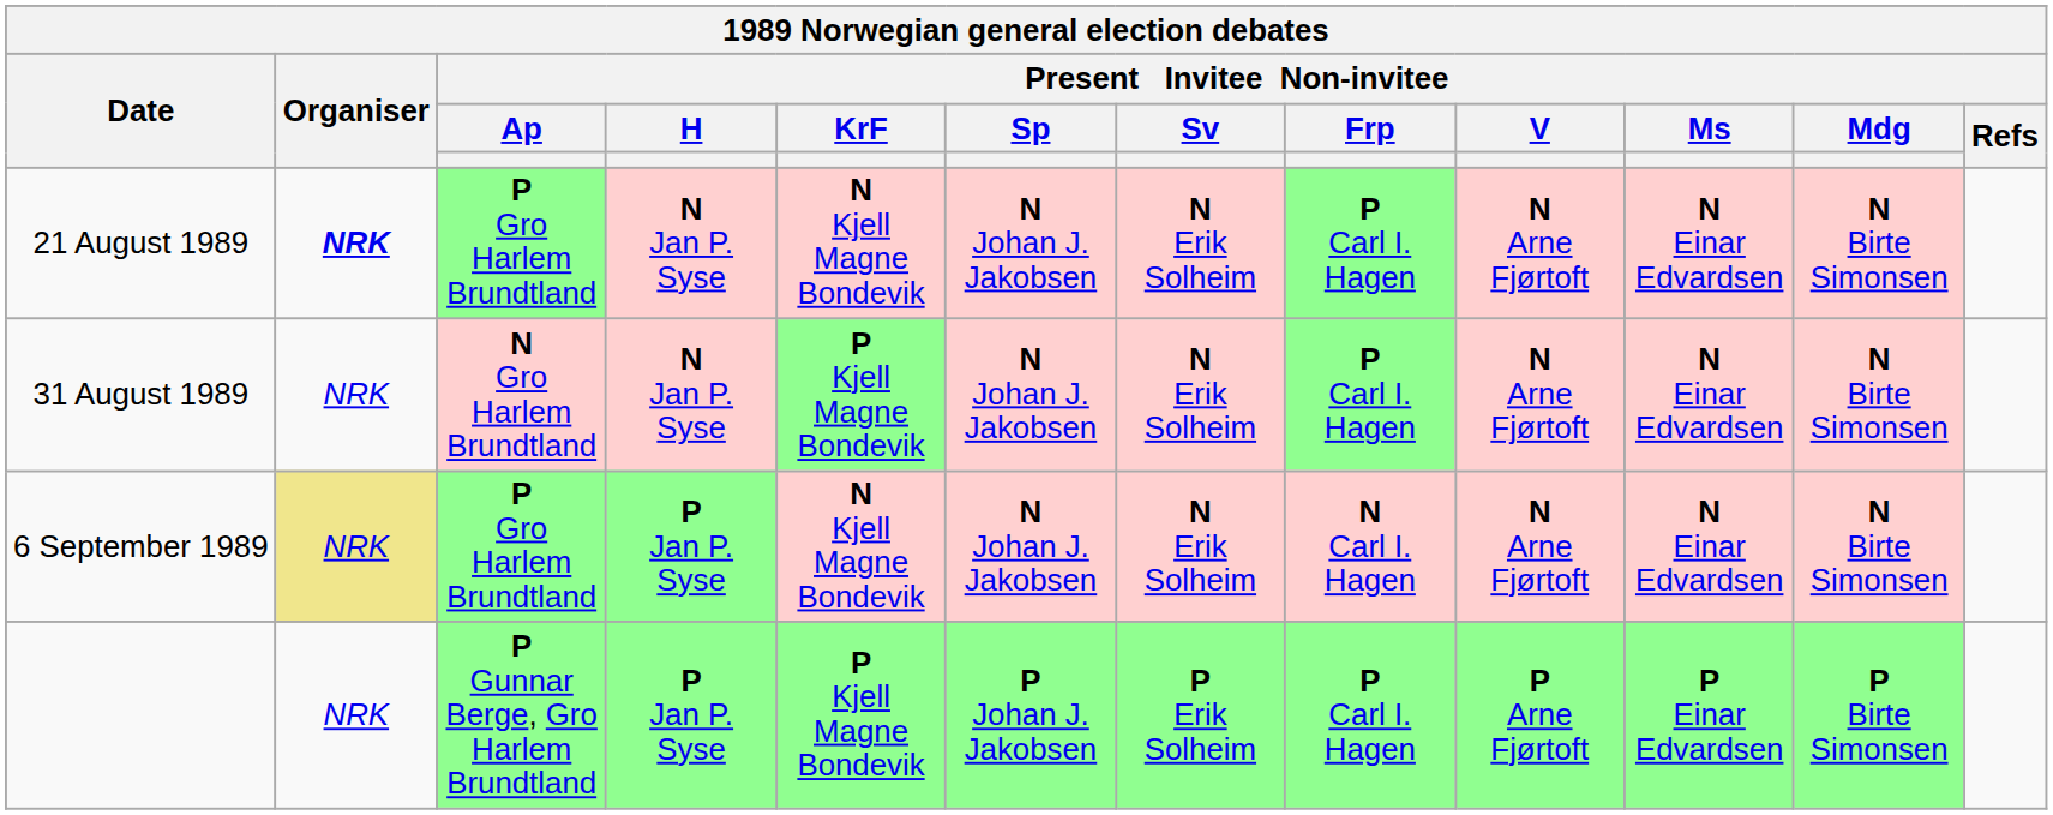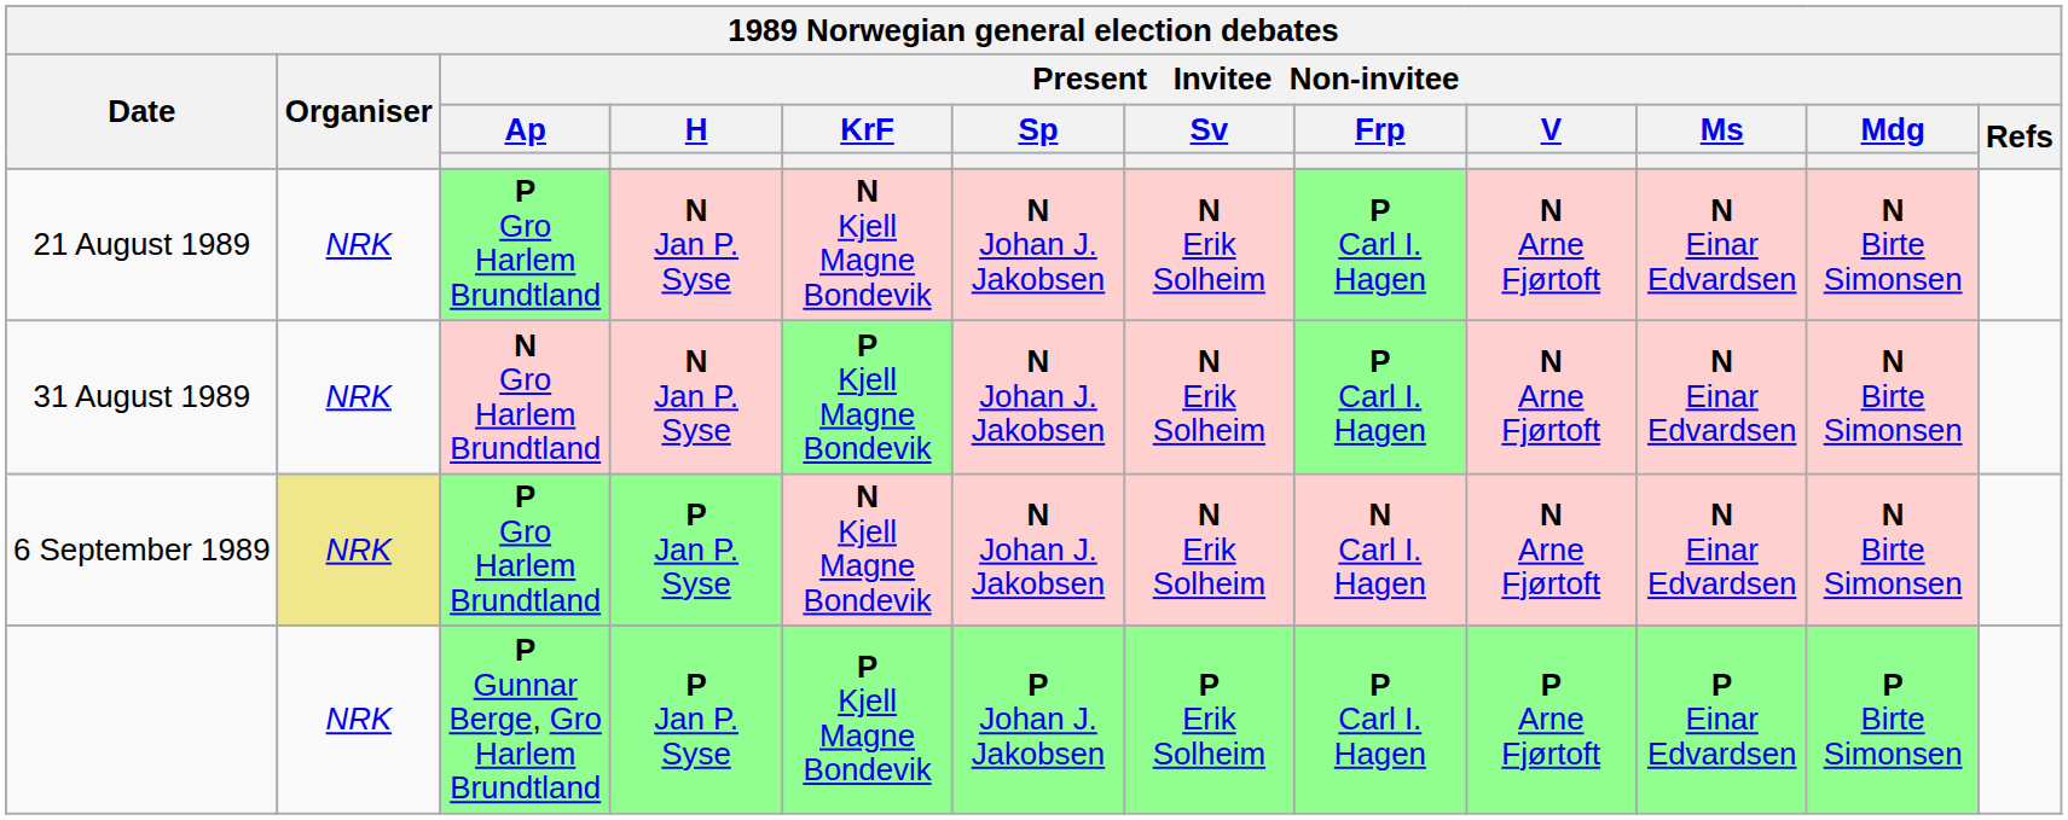 <table class="wikitable" style="font-size:85%; line-height:15px; text-align:center;">
 <tr>
 <th colspan="13">1989 Norwegian general election debates</th>
 </tr>
 <tr>
 <th rowspan="3">Date</th>
 <th rowspan="3">Organiser</th>
 <th colspan="10"> Present    Invitee  Non-invitee </th>
 </tr>
 <tr>
 <th scope="col" style="width:5em;"><a href='#'>Ap</a></th>
 <th scope="col" style="width:5em;"><a href='#'>H</a></th>
 <th scope="col" style="width:5em;"><a href='#'>KrF</a></th>
 <th scope="col" style="width:5em;"><a href='#'>Sp</a></th>
 <th scope="col" style="width:5em;"><a href='#'>Sv</a></th>
 <th scope="col" style="width:5em;"><a href='#'>Frp</a></th>
 <th scope="col" style="width:5em;"><a href='#'>V</a></th>
 <th scope="col" style="width:5em;"><a href='#'>Ms</a></th>
 <th scope="col" style="width:5em;"><a href='#'>Mdg</a></th>
 <th rowspan="2">Refs</th>
 </tr>
 <tr>
 <th style="background:"></th>
 <th style="background:"></th>
 <th style="background:"></th>
 <th style="background:"></th>
 <th style="background:"></th>
 <th style="background:"></th>
 <th style="background:"></th>
 <th style="background:"></th>
 <th style="background:"></th>
 </tr>
 <tr>
 <td>21 August 1989</td>
-<td><strong><em><a href='#'>NRK</a></em></strong></td>
+<td><em><a href='#'>NRK</a></em></td>
 <td style="background:#90FF90"><strong>P</strong><br><a href='#'>Gro Harlem Brundtland</a></td>
 <td style="background:#FFD0D0"><strong>N</strong><br><a href='#'>Jan P. Syse</a></td>
 <td style="background:#FFD0D0"><strong>N</strong><br><a href='#'>Kjell Magne Bondevik</a></td>
 <td style="background:#FFD0D0"><strong>N</strong><br><a href='#'>Johan J. Jakobsen</a></td>
 <td style="background:#FFD0D0"><strong>N</strong><br><a href='#'>Erik Solheim</a></td>
 <td style="background:#90FF90"><strong>P</strong><br><a href='#'>Carl I. Hagen</a></td>
 <td style="background:#FFD0D0"><strong>N</strong><br><a href='#'>Arne Fjørtoft</a></td>
 <td style="background:#FFD0D0"><strong>N</strong><br><a href='#'>Einar Edvardsen</a></td>
 <td style="background:#FFD0D0"><strong>N</strong><br><a href='#'>Birte Simonsen</a></td>
 <td></td>
 </tr>
 <tr>
 <td>31 August 1989</td>
 <td><em><a href='#'>NRK</a></em></td>
 <td style="background:#FFD0D0"><strong>N</strong><br><a href='#'>Gro Harlem Brundtland</a></td>
 <td style="background:#FFD0D0"><strong>N</strong><br><a href='#'>Jan P. Syse</a></td>
 <td style="background:#90FF90"><strong>P</strong><br><a href='#'>Kjell Magne Bondevik</a></td>
 <td style="background:#FFD0D0"><strong>N</strong><br><a href='#'>Johan J. Jakobsen</a></td>
 <td style="background:#FFD0D0"><strong>N</strong><br><a href='#'>Erik Solheim</a></td>
 <td style="background:#90FF90"><strong>P</strong><br><a href='#'>Carl I. Hagen</a></td>
 <td style="background:#FFD0D0"><strong>N</strong><br><a href='#'>Arne Fjørtoft</a></td>
 <td style="background:#FFD0D0"><strong>N</strong><br><a href='#'>Einar Edvardsen</a></td>
 <td style="background:#FFD0D0"><strong>N</strong><br><a href='#'>Birte Simonsen</a></td>
 <td></td>
 </tr>
 <tr>
 <td>6 September 1989</td>
 <td style="background: khaki;"><em><a href='#'>NRK</a></em></td>
 <td style="background:#90FF90"><strong>P</strong><br><a href='#'>Gro Harlem Brundtland</a></td>
 <td style="background:#90FF90"><strong>P</strong><br><a href='#'>Jan P. Syse</a></td>
 <td style="background:#FFD0D0"><strong>N</strong><br><a href='#'>Kjell Magne Bondevik</a></td>
 <td style="background:#FFD0D0"><strong>N</strong><br><a href='#'>Johan J. Jakobsen</a></td>
 <td style="background:#FFD0D0"><strong>N</strong><br><a href='#'>Erik Solheim</a></td>
 <td style="background:#FFD0D0"><strong>N</strong><br><a href='#'>Carl I. Hagen</a></td>
 <td style="background:#FFD0D0"><strong>N</strong><br><a href='#'>Arne Fjørtoft</a></td>
 <td style="background:#FFD0D0"><strong>N</strong><br><a href='#'>Einar Edvardsen</a></td>
 <td style="background:#FFD0D0"><strong>N</strong><br><a href='#'>Birte Simonsen</a></td>
 <td></td>
 </tr>
 <tr>
 <td></td>
 <td><em><a href='#'>NRK</a></em></td>
 <td style="background:#90FF90"><strong>P</strong><br><a href='#'>Gunnar Berge</a>, <a href='#'>Gro Harlem Brundtland</a></td>
 <td style="background:#90FF90"><strong>P</strong><br><a href='#'>Jan P. Syse</a></td>
 <td style="background:#90FF90"><strong>P</strong><br><a href='#'>Kjell Magne Bondevik</a></td>
 <td style="background:#90FF90"><strong>P</strong><br><a href='#'>Johan J. Jakobsen</a></td>
 <td style="background:#90FF90"><strong>P</strong><br><a href='#'>Erik Solheim</a></td>
 <td style="background:#90FF90"><strong>P</strong><br><a href='#'>Carl I. Hagen</a></td>
 <td style="background:#90FF90"><strong>P</strong><br><a href='#'>Arne Fjørtoft</a></td>
 <td style="background:#90FF90"><strong>P</strong><br><a href='#'>Einar Edvardsen</a></td>
 <td style="background:#90FF90"><strong>P</strong><br><a href='#'>Birte Simonsen</a></td>
 <td></td>
 </tr>
 </table>
